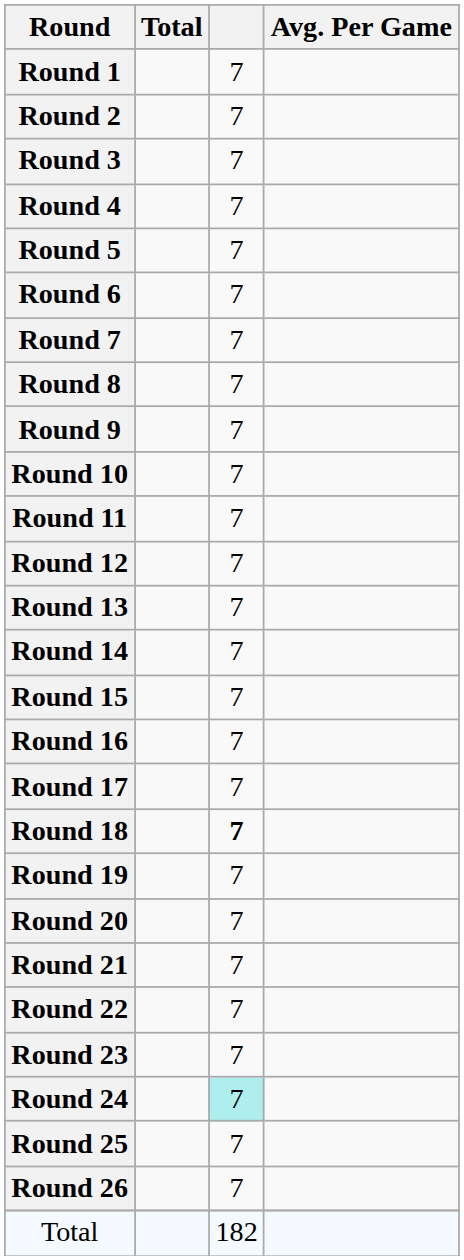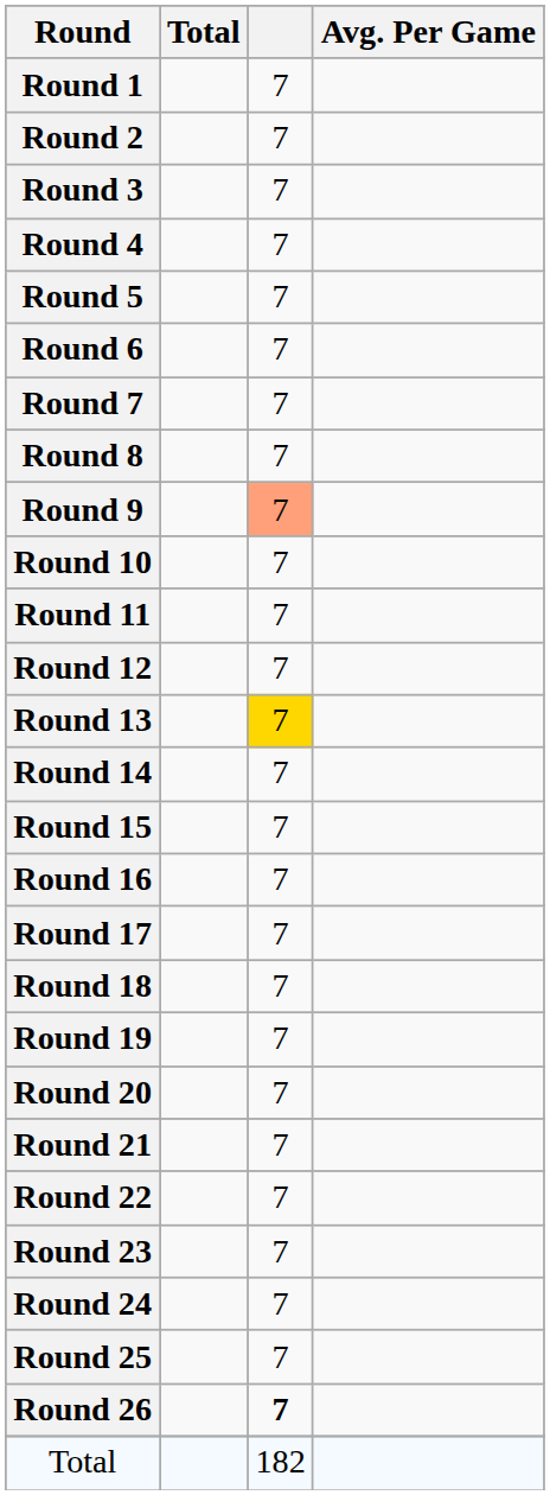 <table class="wikitable plainrowheaders sortable" style="text-align:center;">
 <tr>
 <th>Round</th>
 <th>Total</th>
 <th></th>
 <th>Avg. Per Game</th>
 </tr>
 <tr>
 <th scope='row'>Round 1</th>
 <td></td>
 <td>7</td>
 <td></td>
 </tr>
 <tr>
 <th scope='row'>Round 2</th>
 <td></td>
 <td>7</td>
 <td></td>
 </tr>
 <tr>
 <th scope='row'>Round 3</th>
 <td></td>
 <td>7</td>
 <td></td>
 </tr>
 <tr>
 <th scope='row'>Round 4</th>
 <td></td>
 <td>7</td>
 <td></td>
 </tr>
 <tr>
 <th scope='row'>Round 5</th>
 <td></td>
 <td>7</td>
 <td></td>
 </tr>
 <tr>
 <th scope='row'>Round 6</th>
 <td></td>
 <td>7</td>
 <td></td>
 </tr>
 <tr>
 <th scope='row'>Round 7</th>
 <td></td>
 <td>7</td>
 <td></td>
 </tr>
 <tr>
 <th scope='row'>Round 8</th>
 <td></td>
 <td>7</td>
 <td></td>
 </tr>
 <tr>
 <th scope='row'>Round 9</th>
 <td></td>
-<td>7</td>
+<td style="background: lightsalmon;">7</td>
 <td></td>
 </tr>
 <tr>
 <th scope='row'>Round 10</th>
 <td></td>
 <td>7</td>
 <td></td>
 </tr>
 <tr>
 <th scope='row'>Round 11</th>
 <td></td>
 <td>7</td>
 <td></td>
 </tr>
 <tr>
 <th scope='row'>Round 12</th>
 <td></td>
 <td>7</td>
 <td></td>
 </tr>
 <tr>
 <th scope='row'>Round 13</th>
 <td></td>
-<td>7</td>
+<td style="background: gold;">7</td>
 <td></td>
 </tr>
 <tr>
 <th scope='row'>Round 14</th>
 <td></td>
 <td>7</td>
 <td></td>
 </tr>
 <tr>
 <th scope='row'>Round 15</th>
 <td></td>
 <td>7</td>
 <td></td>
 </tr>
 <tr>
 <th scope='row'>Round 16</th>
 <td></td>
 <td>7</td>
 <td></td>
 </tr>
 <tr>
 <th scope='row'>Round 17</th>
 <td></td>
 <td>7</td>
 <td></td>
 </tr>
 <tr>
 <th scope='row'>Round 18</th>
 <td></td>
-<td><strong>7</strong></td>
+<td>7</td>
 <td></td>
 </tr>
 <tr>
 <th scope='row'>Round 19</th>
 <td></td>
 <td>7</td>
 <td></td>
 </tr>
 <tr>
 <th scope='row'>Round 20</th>
 <td></td>
 <td>7</td>
 <td></td>
 </tr>
 <tr>
 <th scope='row'>Round 21</th>
 <td></td>
 <td>7</td>
 <td></td>
 </tr>
 <tr>
 <th scope='row'>Round 22</th>
 <td></td>
 <td>7</td>
 <td></td>
 </tr>
 <tr>
 <th scope='row'>Round 23</th>
 <td></td>
 <td>7</td>
 <td></td>
 </tr>
 <tr>
 <th scope='row'>Round 24</th>
 <td></td>
-<td style="background: paleturquoise;">7</td>
+<td>7</td>
 <td></td>
 </tr>
 <tr>
 <th scope='row'>Round 25</th>
 <td></td>
 <td>7</td>
 <td></td>
 </tr>
 <tr>
 <th scope='row'>Round 26</th>
 <td></td>
-<td>7</td>
+<td><strong>7</strong></td>
 <td></td>
 </tr>
 <tr>
 </tr>
 <tr style="background:#f4faff;">
 <td>Total</td>
 <td></td>
 <td>182</td>
 <td></td>
 </tr>
 </table>
